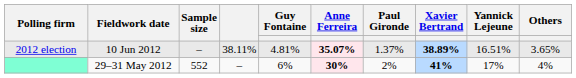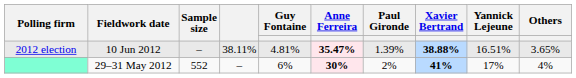 <table class="wikitable sortable" style="text-align:center;font-size:90%;line-height:14px;">
 <tr style="height:40px;">
 <th style="width:100px;" rowspan="2">Polling firm</th>
 <th style="width:110px;" rowspan="2">Fieldwork date</th>
 <th style="width:35px;" rowspan="2">Sample<br>size</th>
 <th style="width:30px;" rowspan="2"></th>
 <th class="unsortable" style="width:60px;">Guy Fontaine<br></th>
 <th class="unsortable" style="width:60px;"><a href='#'>Anne Ferreira</a><br></th>
 <th class="unsortable" style="width:60px;">Paul Gironde<br></th>
 <th class="unsortable" style="width:60px;"><a href='#'>Xavier Bertrand</a><br></th>
 <th class="unsortable" style="width:60px;">Yannick Lejeune<br></th>
 <th class="unsortable" style="width:60px;">Others</th>
 </tr>
 <tr>
 <th style="background:"></th>
 <th style="background:"></th>
 <th style="background:"></th>
 <th style="background:"></th>
 <th style="background:"></th>
 <th style="background:"></th>
 </tr>
 <tr style="background:#E9E9E9;">
 <td><a href='#'>2012 election</a></td>
 <td data-sort-value="2012-06-10">10 Jun 2012</td>
 <td>–</td>
 <td>38.11%</td>
 <td>4.81%</td>
-<td style="background:#FFE6EC;"><strong>35.07%</strong></td>
-<td>1.37%</td>
-<td style="background:#B9DAFF;"><strong>38.89%</strong></td>
+<td style="background:#FFE6EC;"><strong>35.47%</strong></td>
+<td>1.39%</td>
+<td style="background:#B9DAFF;"><strong>38.88%</strong></td>
 <td>16.51%</td>
 <td>3.65%</td>
 </tr>
 <tr>
 <td style="background:aquamarine;"></td>
 <td data-sort-value="2012-05-31">29–31 May 2012</td>
 <td>552</td>
 <td>–</td>
 <td>6%</td>
 <td style="background:#FFE6EC;"><strong>30%</strong></td>
 <td>2%</td>
 <td style="background:#B9DAFF;"><strong>41%</strong></td>
 <td>17%</td>
 <td>4%</td>
 </tr>
 </table>
